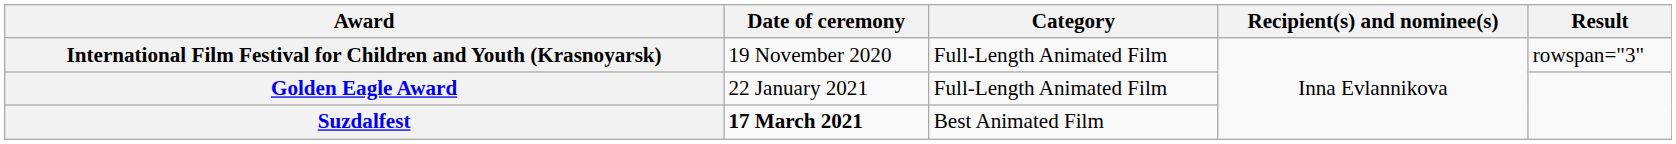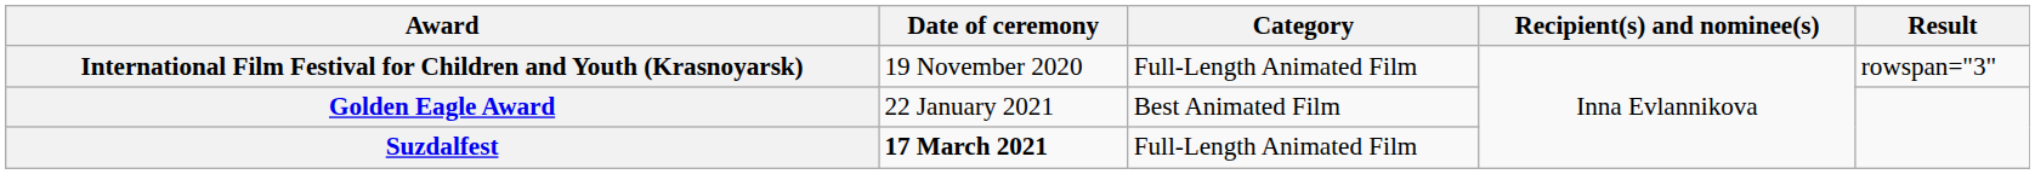 <table class="wikitable sortable plainrowheaders" style="width: 100%;">
 <tr>
 <th scope="col">Award</th>
 <th scope="col">Date of ceremony</th>
 <th scope="col">Category</th>
 <th scope="col">Recipient(s) and nominee(s)</th>
 <th scope="col">Result</th>
 </tr>
 <tr>
 <th scope="row">International Film Festival for Children and Youth (Krasnoyarsk)</th>
 <td>19 November 2020</td>
 <td>Full-Length Animated Film</td>
 <td rowspan="3" style="text-align:center">Inna Evlannikova</td>
 <td>rowspan="3"</td>
 </tr>
 <tr>
 <th scope="row"><a href='#'>Golden Eagle Award</a></th>
 <td>22 January 2021</td>
-<td>Full-Length Animated Film</td>
+<td>Best Animated Film</td>
 </tr>
 <tr>
 <th scope="row"><a href='#'>Suzdalfest</a></th>
 <td><strong>17 March 2021</strong></td>
-<td>Best Animated Film</td>
+<td>Full-Length Animated Film</td>
 </tr>
 </table>
